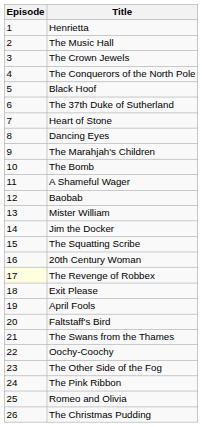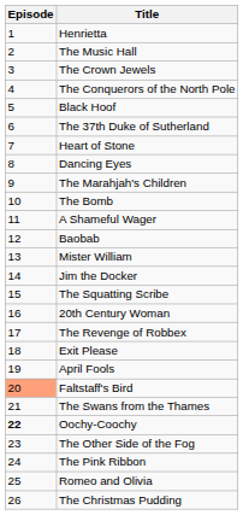 <table class="wikitable">
 <tr>
 <th>Episode</th>
 <th>Title</th>
 </tr>
 <tr>
 <td>1</td>
 <td>Henrietta</td>
 </tr>
 <tr>
 <td>2</td>
 <td>The Music Hall</td>
 </tr>
 <tr>
 <td>3</td>
 <td>The Crown Jewels</td>
 </tr>
 <tr>
 <td>4</td>
 <td>The Conquerors of the North Pole</td>
 </tr>
 <tr>
 <td>5</td>
 <td>Black Hoof</td>
 </tr>
 <tr>
 <td>6</td>
 <td>The 37th Duke of Sutherland</td>
 </tr>
 <tr>
 <td>7</td>
 <td>Heart of Stone</td>
 </tr>
 <tr>
 <td>8</td>
 <td>Dancing Eyes</td>
 </tr>
 <tr>
 <td>9</td>
 <td>The Marahjah's Children</td>
 </tr>
 <tr>
 <td>10</td>
 <td>The Bomb</td>
 </tr>
 <tr>
 <td>11</td>
 <td>A Shameful Wager</td>
 </tr>
 <tr>
 <td>12</td>
 <td>Baobab</td>
 </tr>
 <tr>
 <td>13</td>
 <td>Mister William</td>
 </tr>
 <tr>
 <td>14</td>
 <td>Jim the Docker</td>
 </tr>
 <tr>
 <td>15</td>
 <td>The Squatting Scribe</td>
 </tr>
 <tr>
 <td>16</td>
 <td>20th Century Woman</td>
 </tr>
 <tr>
-<td style="background: lightyellow;">17</td>
+<td>17</td>
 <td>The Revenge of Robbex</td>
 </tr>
 <tr>
 <td>18</td>
 <td>Exit Please</td>
 </tr>
 <tr>
 <td>19</td>
 <td>April Fools</td>
 </tr>
 <tr>
-<td>20</td>
+<td style="background: lightsalmon;">20</td>
 <td>Faltstaff's Bird</td>
 </tr>
 <tr>
 <td>21</td>
 <td>The Swans from the Thames</td>
 </tr>
 <tr>
-<td>22</td>
+<td><strong>22</strong></td>
 <td>Oochy-Coochy</td>
 </tr>
 <tr>
 <td>23</td>
 <td>The Other Side of the Fog</td>
 </tr>
 <tr>
 <td>24</td>
 <td>The Pink Ribbon</td>
 </tr>
 <tr>
 <td>25</td>
 <td>Romeo and Olivia</td>
 </tr>
 <tr>
 <td>26</td>
 <td>The Christmas Pudding</td>
 </tr>
 </table>
